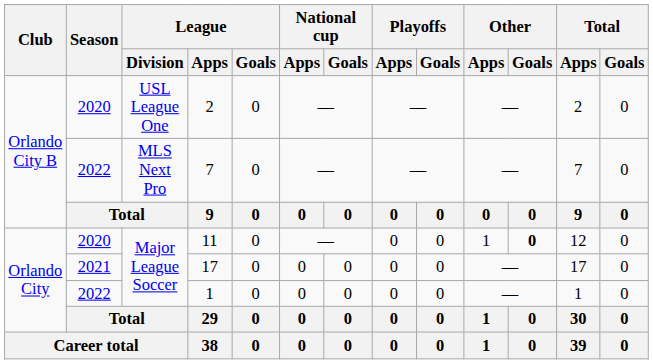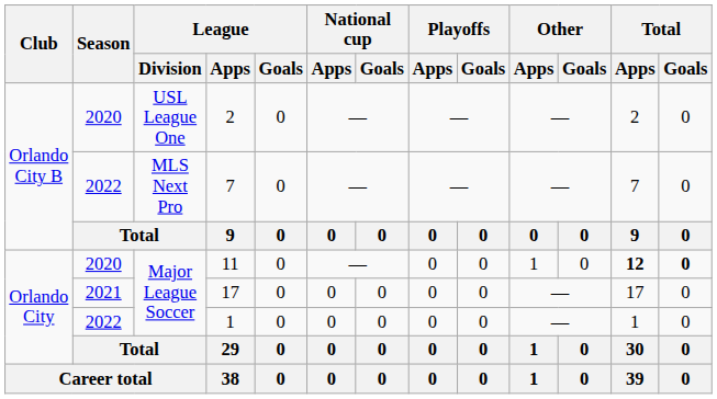 <table class="wikitable" style="text-align:center;">
 <tr>
 <th rowspan="2">Club</th>
 <th rowspan="2">Season</th>
 <th colspan="3">League</th>
 <th colspan="2">National cup</th>
 <th colspan="2">Playoffs</th>
 <th colspan="2">Other</th>
 <th colspan="2">Total</th>
 </tr>
 <tr>
 <th>Division</th>
 <th>Apps</th>
 <th>Goals</th>
 <th>Apps</th>
 <th>Goals</th>
 <th>Apps</th>
 <th>Goals</th>
 <th>Apps</th>
 <th>Goals</th>
 <th>Apps</th>
 <th>Goals</th>
 </tr>
 <tr>
 <td rowspan="3"><a href='#'>Orlando City B</a></td>
 <td><a href='#'>2020</a></td>
 <td><a href='#'>USL League One</a></td>
 <td>2</td>
 <td>0</td>
 <td colspan="2">—</td>
 <td colspan="2">—</td>
 <td colspan="2">—</td>
 <td>2</td>
 <td>0</td>
 </tr>
 <tr>
 <td><a href='#'>2022</a></td>
 <td><a href='#'>MLS Next Pro</a></td>
 <td>7</td>
 <td>0</td>
 <td colspan="2">—</td>
 <td colspan="2">—</td>
 <td colspan="2">—</td>
 <td>7</td>
 <td>0</td>
 </tr>
 <tr>
 <th colspan="2">Total</th>
 <th>9</th>
 <th>0</th>
 <th>0</th>
 <th>0</th>
 <th>0</th>
 <th>0</th>
 <th>0</th>
 <th>0</th>
 <th>9</th>
 <th>0</th>
 </tr>
 <tr>
 <td rowspan="4"><a href='#'>Orlando City</a></td>
 <td><a href='#'>2020</a></td>
 <td rowspan="3"><a href='#'>Major League Soccer</a></td>
 <td>11</td>
 <td>0</td>
 <td colspan="2">—</td>
 <td>0</td>
 <td>0</td>
 <td>1</td>
+<td>0</td>
+<td><strong>12</strong></td>
 <td><strong>0</strong></td>
-<td>12</td>
-<td>0</td>
 </tr>
 <tr>
 <td><a href='#'>2021</a></td>
 <td>17</td>
 <td>0</td>
 <td>0</td>
 <td>0</td>
 <td>0</td>
 <td>0</td>
 <td colspan="2">—</td>
 <td>17</td>
 <td>0</td>
 </tr>
 <tr>
 <td><a href='#'>2022</a></td>
 <td>1</td>
 <td>0</td>
 <td>0</td>
 <td>0</td>
 <td>0</td>
 <td>0</td>
 <td colspan="2">—</td>
 <td>1</td>
 <td>0</td>
 </tr>
 <tr>
 <th colspan="2">Total</th>
 <th>29</th>
 <th>0</th>
 <th>0</th>
 <th>0</th>
 <th>0</th>
 <th>0</th>
 <th>1</th>
 <th>0</th>
 <th>30</th>
 <th>0</th>
 </tr>
 <tr>
 <th colspan="3">Career total</th>
 <th>38</th>
 <th>0</th>
 <th>0</th>
 <th>0</th>
 <th>0</th>
 <th>0</th>
 <th>1</th>
 <th>0</th>
 <th>39</th>
 <th>0</th>
 </tr>
 </table>
